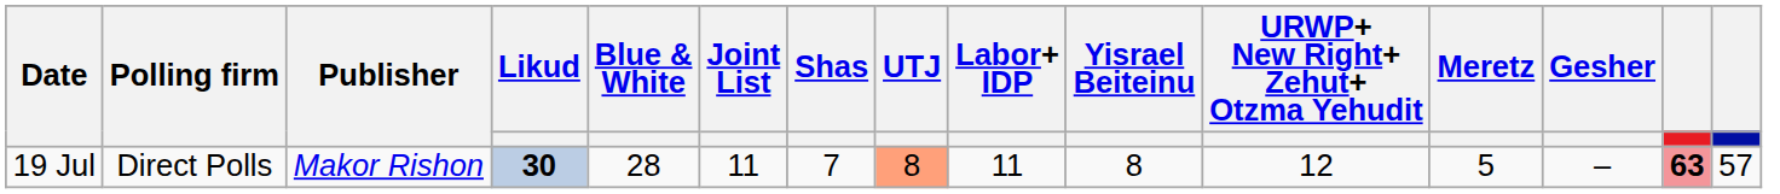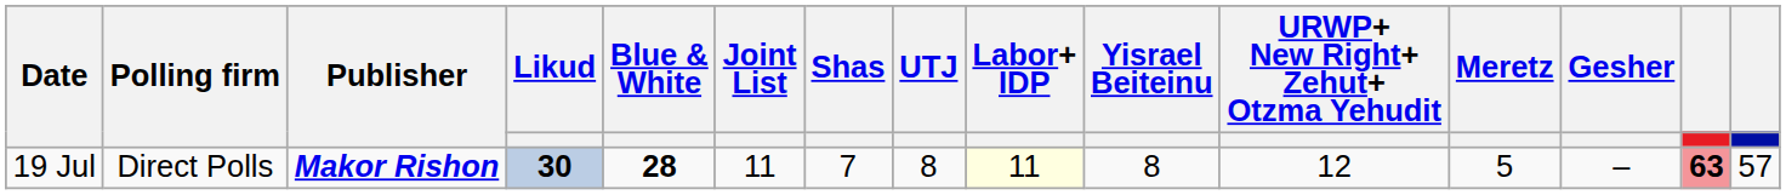 <table class="wikitable sortable" style="text-align:center;font-size:90%;line-height:13px">
 <tr>
 <th rowspan="2">Date</th>
 <th rowspan="2">Polling firm</th>
 <th rowspan="2">Publisher</th>
 <th><a href='#'>Likud</a></th>
 <th><a href='#'>Blue &<br>White</a></th>
 <th><a href='#'>Joint<br>List</a></th>
 <th><a href='#'>Shas</a></th>
 <th><a href='#'>UTJ</a></th>
 <th><a href='#'>Labor</a>+<br><a href='#'>IDP</a></th>
 <th><a href='#'>Yisrael<br>Beiteinu</a></th>
 <th><a href='#'>URWP</a>+<br><a href='#'>New Right</a>+<br><a href='#'>Zehut</a>+<br><a href='#'>Otzma Yehudit</a></th>
 <th><a href='#'>Meretz</a></th>
 <th><a href='#'>Gesher</a></th>
 <th></th>
 <th></th>
 </tr>
 <tr>
 <th style="background:"></th>
 <th style="background:"></th>
 <th style="background:"></th>
 <th style="background:"></th>
 <th style="background:"></th>
 <th style="background:"></th>
 <th style="background:"></th>
 <th style="background:"></th>
 <th style="background:"></th>
 <th style="background:"></th>
 <th style="background:#E81B23;"></th>
 <th style="background:#000EA3;"></th>
 </tr>
 <tr>
 <td data-sort-value="2019-07-19">19 Jul</td>
 <td>Direct Polls</td>
-<td><em><a href='#'>Makor Rishon</a></em></td>
+<td><strong><em><a href='#'>Makor Rishon</a></em></strong></td>
 <td style="background:#BBCDE4"><strong>30</strong>	</td>
-<td>28					</td>
+<td><strong>28					</strong></td>
 <td>11					</td>
 <td>7					</td>
-<td style="background: lightsalmon;">8					</td>
-<td>11					</td>
+<td>8					</td>
+<td style="background: lightyellow;">11					</td>
 <td>8					</td>
 <td>12					</td>
 <td>5					</td>
 <td>–					</td>
 <td style="background:#F4959A"><strong>63</strong>	</td>
 <td>57					</td>
 </tr>
 </table>
